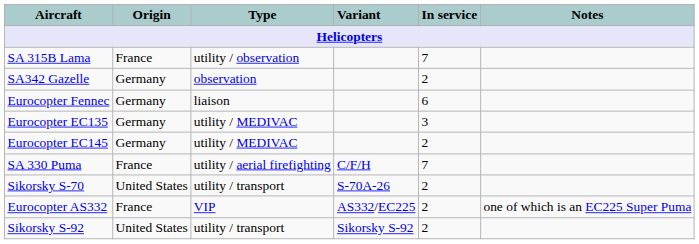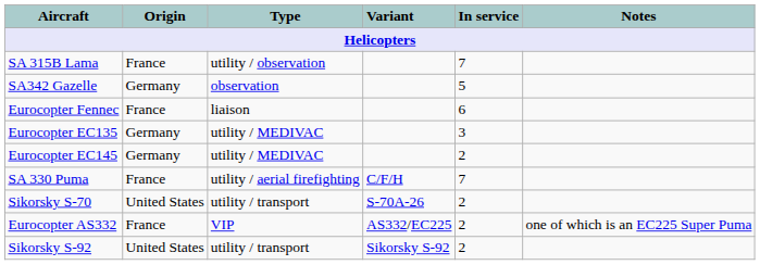 <table class="wikitable">
 <tr>
 <th style="text-align:center; background:#acc;">Aircraft</th>
 <th style="text-align: center; background:#acc;">Origin</th>
 <th style="text-align:l center; background:#acc;">Type</th>
 <th style="text-align:left; background:#acc;">Variant</th>
 <th style="text-align:center; background:#acc;">In service</th>
 <th style="text-align: center; background:#acc;">Notes</th>
 </tr>
 <tr>
 <th style="align: center; background: lavender;" colspan="6"><a href='#'>Helicopters</a></th>
 </tr>
 <tr>
 <td><a href='#'>SA 315B Lama</a></td>
 <td>France</td>
 <td>utility / <a href='#'>observation</a></td>
 <td></td>
 <td>7</td>
 <td></td>
 </tr>
 <tr>
 <td><a href='#'>SA342 Gazelle</a></td>
 <td>Germany</td>
 <td><a href='#'>observation</a></td>
 <td></td>
-<td>2</td>
+<td>5</td>
 <td></td>
 </tr>
 <tr>
 <td><a href='#'>Eurocopter Fennec</a></td>
-<td>Germany</td>
+<td>France</td>
 <td>liaison</td>
 <td></td>
 <td>6</td>
 <td></td>
 </tr>
 <tr>
 <td><a href='#'>Eurocopter EC135</a></td>
 <td>Germany</td>
 <td>utility / <a href='#'>MEDIVAC</a></td>
 <td></td>
 <td>3</td>
 <td></td>
 </tr>
 <tr>
 <td><a href='#'>Eurocopter EC145</a></td>
 <td>Germany</td>
 <td>utility / <a href='#'>MEDIVAC</a></td>
 <td></td>
 <td>2</td>
 <td></td>
 </tr>
 <tr>
 <td><a href='#'>SA 330 Puma</a></td>
 <td>France</td>
 <td>utility /  <a href='#'>aerial firefighting</a></td>
 <td><a href='#'>C/F/H</a></td>
 <td>7</td>
 <td></td>
 </tr>
 <tr>
 <td><a href='#'>Sikorsky S-70</a></td>
 <td>United States</td>
 <td>utility / transport</td>
 <td><a href='#'>S-70A-26</a></td>
 <td>2</td>
 </tr>
 <tr>
 <td><a href='#'>Eurocopter AS332</a></td>
 <td>France</td>
 <td><a href='#'>VIP</a></td>
 <td><a href='#'>AS332</a>/<a href='#'>EC225</a></td>
 <td>2</td>
 <td>one of which is an <a href='#'>EC225 Super Puma</a></td>
 </tr>
 <tr>
 <td><a href='#'>Sikorsky S-92</a></td>
 <td>United States</td>
 <td>utility / transport</td>
 <td><a href='#'>Sikorsky S-92</a></td>
 <td>2</td>
 </tr>
 </table>
